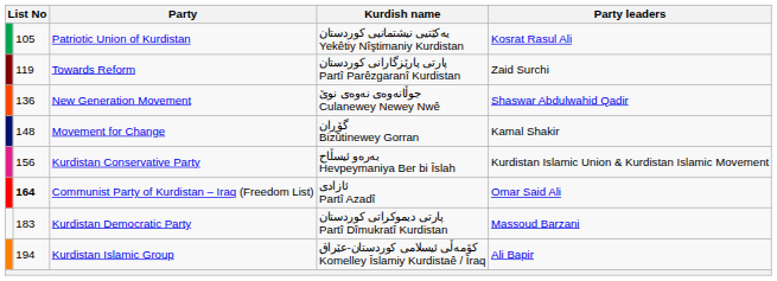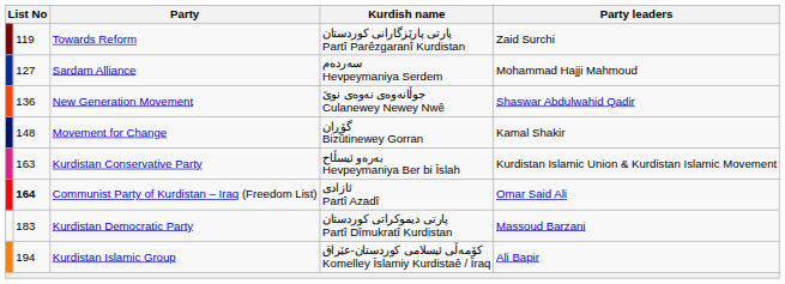 <table class="wikitable sortable" style="border:1px solid #8888aa; background:#f8f8f8; padding:0; font-size:90%;">
 <tr>
 <th colspan=2>List No</th>
 <th>Party</th>
 <th>Kurdish name</th>
 <th>Party leaders</th>
 </tr>
 <tr>
-<td style="background:#00a550;"></td>
-<td>105</td>
-<td><a href='#'>Patriotic Union of Kurdistan</a></td>
-<td>یەکێتیی نیشتمانیی کوردستان<br>Yekêtiy Nîştimaniy Kurdistan</td>
-<td><a href='#'>Kosrat Rasul Ali</a></td>
-</tr>
-<tr>
 <td style="background:#810100;"></td>
 <td>119</td>
 <td><a href='#'>Towards Reform</a></td>
 <td>پارتی پارێزگارانی کوردستان<br>Partî Parêzgaranî Kurdistan</td>
 <td>Zaid Surchi</td>
+</tr>
+<tr>
+<td style="background:#06299C;"></td>
+<td>127</td>
+<td><a href='#'>Sardam Alliance</a></td>
+<td>سەردەم<br>Hevpeymaniya Serdem</td>
+<td>Mohammad Hajji Mahmoud</td>
 </tr>
 <tr>
 <td style="background:#ff4500;"></td>
 <td>136</td>
 <td><a href='#'>New Generation Movement</a></td>
 <td>جوڵانەوەی نەوەی نوێ<br>Culanewey Newey Nwê</td>
 <td><a href='#'>Shaswar Abdulwahid Qadir</a></td>
 </tr>
 <tr>
 <td style="background:#00116e;"></td>
 <td>148</td>
 <td><a href='#'>Movement for Change</a></td>
 <td>گۆڕان<br>Bizûtinewey Gorran</td>
 <td>Kamal Shakir</td>
 </tr>
 <tr>
 <td style="background:#e0218a;"></td>
-<td>156</td>
+<td>163</td>
 <td><a href='#'>Kurdistan Conservative Party</a></td>
 <td>بەرەو ئیسڵاح <br>Hevpeymaniya Ber bi Îslah</td>
 <td>Kurdistan Islamic Union & Kurdistan Islamic Movement</td>
 </tr>
 <tr>
 <td style="background:#f00;"></td>
 <td><strong>164</strong></td>
 <td><a href='#'>Communist Party of Kurdistan – Iraq</a> (Freedom List)</td>
 <td>ئازادی<br>Partî Azadî</td>
 <td><a href='#'>Omar Said Ali</a></td>
 </tr>
 <tr>
 <td style="background:"></td>
 <td>183</td>
 <td><a href='#'>Kurdistan Democratic Party</a></td>
 <td>پارتی دیموکراتی کوردستان<br>Partî Dîmukratî Kurdistan</td>
 <td><a href='#'>Massoud Barzani</a></td>
 </tr>
 <tr>
 <td style="background:#ff8000;"></td>
 <td>194</td>
 <td><a href='#'>Kurdistan Islamic Group</a></td>
 <td>کۆمەڵی ئیسلامی کوردستان-عێراق<br>Komelley Îslamiy Kurdistaê / Îraq</td>
 <td><a href='#'>Ali Bapir</a></td>
 </tr>
 <tr>
 <th colspan="5"></th>
 </tr>
 </table>
